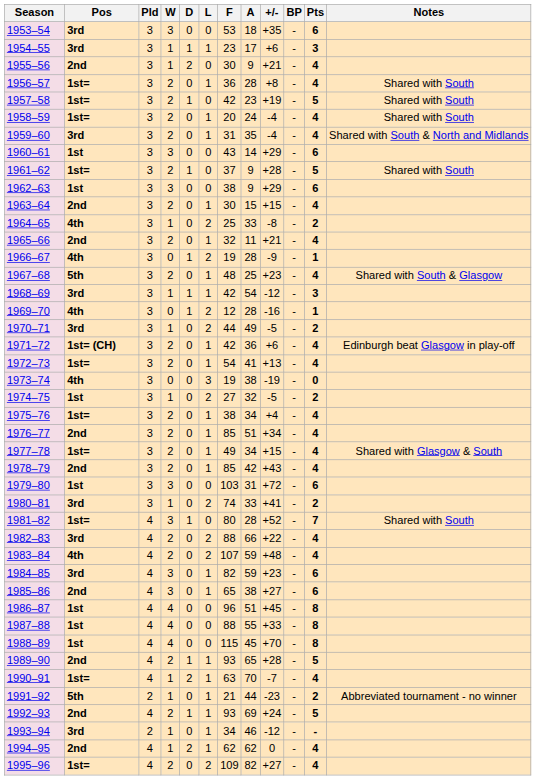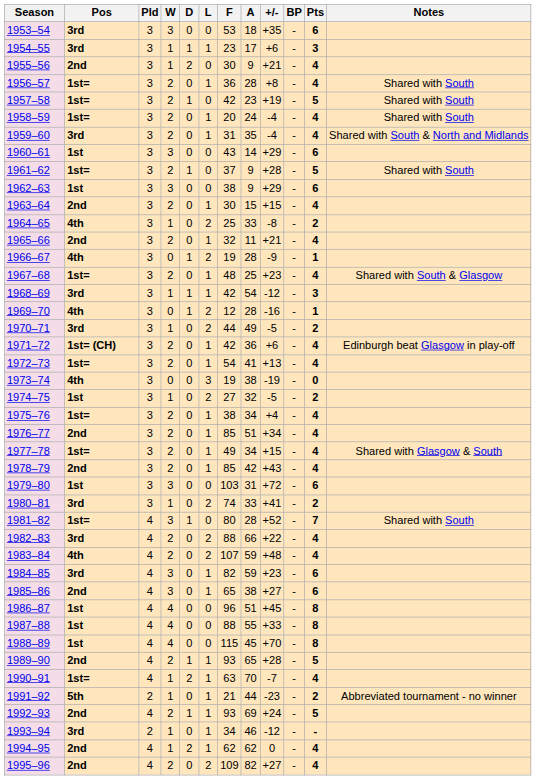 <table class="wikitable">
 <tr border=1 cellpadding=5 cellspacing=0>
 <th style="width:80px;">Season</th>
 <th style="width:100px;">Pos</th>
 <th style="width:20px;">Pld</th>
 <th style="width:20px;">W</th>
 <th style="width:20px;">D</th>
 <th style="width:20px;">L</th>
 <th style="width:20px;">F</th>
 <th style="width:20px;">A</th>
 <th style="width:25px;">+/-</th>
 <th style="width:20px;">BP</th>
 <th style="width:20px;">Pts</th>
 <th>Notes<br></th>
 </tr>
 <tr align=center>
 <td style="text-align:left; background:#F4DDE7;"><a href='#'>1953–54</a></td>
 <td style="text-align:left; background:#ffe6bd;"><strong>3rd</strong></td>
 <td style="background:#ffe6bd;">3</td>
 <td style="background:#ffe6bd;">3</td>
 <td style="background:#ffe6bd;">0</td>
 <td style="background:#ffe6bd;">0</td>
 <td style="background:#ffe6bd;">53</td>
 <td style="background:#ffe6bd;">18</td>
 <td style="background:#ffe6bd;">+35</td>
 <td style="background:#ffe6bd;">-</td>
 <td style="background:#ffe6bd;"><strong>6</strong></td>
 <td style="background:#ffe6bd;"><br> </td>
 </tr>
 <tr align=center>
 <td style="text-align:left; background:#F4DDE7;"><a href='#'>1954–55</a></td>
 <td style="text-align:left; background:#ffe6bd;"><strong>3rd</strong></td>
 <td style="background:#ffe6bd;">3</td>
 <td style="background:#ffe6bd;">1</td>
 <td style="background:#ffe6bd;">1</td>
 <td style="background:#ffe6bd;">1</td>
 <td style="background:#ffe6bd;">23</td>
 <td style="background:#ffe6bd;">17</td>
 <td style="background:#ffe6bd;">+6</td>
 <td style="background:#ffe6bd;">-</td>
 <td style="background:#ffe6bd;"><strong>3</strong></td>
 <td style="background:#ffe6bd;"><br> </td>
 </tr>
 <tr align=center>
 <td style="text-align:left; background:#F4DDE7;"><a href='#'>1955–56</a></td>
 <td style="text-align:left; background:#ffe6bd;"><strong>2nd</strong></td>
 <td style="background:#ffe6bd;">3</td>
 <td style="background:#ffe6bd;">1</td>
 <td style="background:#ffe6bd;">2</td>
 <td style="background:#ffe6bd;">0</td>
 <td style="background:#ffe6bd;">30</td>
 <td style="background:#ffe6bd;">9</td>
 <td style="background:#ffe6bd;">+21</td>
 <td style="background:#ffe6bd;">-</td>
 <td style="background:#ffe6bd;"><strong>4</strong></td>
 <td style="background:#ffe6bd;"><br> </td>
 </tr>
 <tr align=center>
 <td style="text-align:left; background:#F4DDE7;"><a href='#'>1956–57</a></td>
 <td style="text-align:left; background:#ffe6bd;"><strong>1st=</strong></td>
 <td style="background:#ffe6bd;">3</td>
 <td style="background:#ffe6bd;">2</td>
 <td style="background:#ffe6bd;">0</td>
 <td style="background:#ffe6bd;">1</td>
 <td style="background:#ffe6bd;">36</td>
 <td style="background:#ffe6bd;">28</td>
 <td style="background:#ffe6bd;">+8</td>
 <td style="background:#ffe6bd;">-</td>
 <td style="background:#ffe6bd;"><strong>4</strong></td>
 <td style="background:#ffe6bd;">Shared with <a href='#'>South</a><br> </td>
 </tr>
 <tr align=center>
 <td style="text-align:left; background:#F4DDE7;"><a href='#'>1957–58</a></td>
 <td style="text-align:left; background:#ffe6bd;"><strong>1st=</strong></td>
 <td style="background:#ffe6bd;">3</td>
 <td style="background:#ffe6bd;">2</td>
 <td style="background:#ffe6bd;">1</td>
 <td style="background:#ffe6bd;">0</td>
 <td style="background:#ffe6bd;">42</td>
 <td style="background:#ffe6bd;">23</td>
 <td style="background:#ffe6bd;">+19</td>
 <td style="background:#ffe6bd;">-</td>
 <td style="background:#ffe6bd;"><strong>5</strong></td>
 <td style="background:#ffe6bd;">Shared with <a href='#'>South</a><br> </td>
 </tr>
 <tr align=center>
 <td style="text-align:left; background:#F4DDE7;"><a href='#'>1958–59</a></td>
 <td style="text-align:left; background:#ffe6bd;"><strong>1st=</strong></td>
 <td style="background:#ffe6bd;">3</td>
 <td style="background:#ffe6bd;">2</td>
 <td style="background:#ffe6bd;">0</td>
 <td style="background:#ffe6bd;">1</td>
 <td style="background:#ffe6bd;">20</td>
 <td style="background:#ffe6bd;">24</td>
 <td style="background:#ffe6bd;">-4</td>
 <td style="background:#ffe6bd;">-</td>
 <td style="background:#ffe6bd;"><strong>4</strong></td>
 <td style="background:#ffe6bd;">Shared with <a href='#'>South</a><br> </td>
 </tr>
 <tr align=center>
 <td style="text-align:left; background:#F4DDE7;"><a href='#'>1959–60</a></td>
 <td style="text-align:left; background:#ffe6bd;"><strong>3rd</strong></td>
 <td style="background:#ffe6bd;">3</td>
 <td style="background:#ffe6bd;">2</td>
 <td style="background:#ffe6bd;">0</td>
 <td style="background:#ffe6bd;">1</td>
 <td style="background:#ffe6bd;">31</td>
 <td style="background:#ffe6bd;">35</td>
 <td style="background:#ffe6bd;">-4</td>
 <td style="background:#ffe6bd;">-</td>
 <td style="background:#ffe6bd;"><strong>4</strong></td>
 <td style="background:#ffe6bd;">Shared with <a href='#'>South</a> & <a href='#'>North and Midlands</a><br> </td>
 </tr>
 <tr align=center>
 <td style="text-align:left; background:#F4DDE7;"><a href='#'>1960–61</a></td>
 <td style="text-align:left; background:#ffe6bd;"><strong>1st</strong></td>
 <td style="background:#ffe6bd;">3</td>
 <td style="background:#ffe6bd;">3</td>
 <td style="background:#ffe6bd;">0</td>
 <td style="background:#ffe6bd;">0</td>
 <td style="background:#ffe6bd;">43</td>
 <td style="background:#ffe6bd;">14</td>
 <td style="background:#ffe6bd;">+29</td>
 <td style="background:#ffe6bd;">-</td>
 <td style="background:#ffe6bd;"><strong>6</strong></td>
 <td style="background:#ffe6bd;"><br> </td>
 </tr>
 <tr align=center>
 <td style="text-align:left; background:#F4DDE7;"><a href='#'>1961–62</a></td>
 <td style="text-align:left; background:#ffe6bd;"><strong>1st=</strong></td>
 <td style="background:#ffe6bd;">3</td>
 <td style="background:#ffe6bd;">2</td>
 <td style="background:#ffe6bd;">1</td>
 <td style="background:#ffe6bd;">0</td>
 <td style="background:#ffe6bd;">37</td>
 <td style="background:#ffe6bd;">9</td>
 <td style="background:#ffe6bd;">+28</td>
 <td style="background:#ffe6bd;">-</td>
 <td style="background:#ffe6bd;"><strong>5</strong></td>
 <td style="background:#ffe6bd;">Shared with <a href='#'>South</a><br> </td>
 </tr>
 <tr align=center>
 <td style="text-align:left; background:#F4DDE7;"><a href='#'>1962–63</a></td>
 <td style="text-align:left; background:#ffe6bd;"><strong>1st</strong></td>
 <td style="background:#ffe6bd;">3</td>
 <td style="background:#ffe6bd;">3</td>
 <td style="background:#ffe6bd;">0</td>
 <td style="background:#ffe6bd;">0</td>
 <td style="background:#ffe6bd;">38</td>
 <td style="background:#ffe6bd;">9</td>
 <td style="background:#ffe6bd;">+29</td>
 <td style="background:#ffe6bd;">-</td>
 <td style="background:#ffe6bd;"><strong>6</strong></td>
 <td style="background:#ffe6bd;"><br> </td>
 </tr>
 <tr align=center>
 <td style="text-align:left; background:#F4DDE7;"><a href='#'>1963–64</a></td>
 <td style="text-align:left; background:#ffe6bd;"><strong>2nd</strong></td>
 <td style="background:#ffe6bd;">3</td>
 <td style="background:#ffe6bd;">2</td>
 <td style="background:#ffe6bd;">0</td>
 <td style="background:#ffe6bd;">1</td>
 <td style="background:#ffe6bd;">30</td>
 <td style="background:#ffe6bd;">15</td>
 <td style="background:#ffe6bd;">+15</td>
 <td style="background:#ffe6bd;">-</td>
 <td style="background:#ffe6bd;"><strong>4</strong></td>
 <td style="background:#ffe6bd;"><br> </td>
 </tr>
 <tr align=center>
 <td style="text-align:left; background:#F4DDE7;"><a href='#'>1964–65</a></td>
 <td style="text-align:left; background:#ffe6bd;"><strong>4th</strong></td>
 <td style="background:#ffe6bd;">3</td>
 <td style="background:#ffe6bd;">1</td>
 <td style="background:#ffe6bd;">0</td>
 <td style="background:#ffe6bd;">2</td>
 <td style="background:#ffe6bd;">25</td>
 <td style="background:#ffe6bd;">33</td>
 <td style="background:#ffe6bd;">-8</td>
 <td style="background:#ffe6bd;">-</td>
 <td style="background:#ffe6bd;"><strong>2</strong></td>
 <td style="background:#ffe6bd;"><br> </td>
 </tr>
 <tr align=center>
 <td style="text-align:left; background:#F4DDE7;"><a href='#'>1965–66</a></td>
 <td style="text-align:left; background:#ffe6bd;"><strong>2nd</strong></td>
 <td style="background:#ffe6bd;">3</td>
 <td style="background:#ffe6bd;">2</td>
 <td style="background:#ffe6bd;">0</td>
 <td style="background:#ffe6bd;">1</td>
 <td style="background:#ffe6bd;">32</td>
 <td style="background:#ffe6bd;">11</td>
 <td style="background:#ffe6bd;">+21</td>
 <td style="background:#ffe6bd;">-</td>
 <td style="background:#ffe6bd;"><strong>4</strong></td>
 <td style="background:#ffe6bd;"><br> </td>
 </tr>
 <tr align=center>
 <td style="text-align:left; background:#F4DDE7;"><a href='#'>1966–67</a></td>
 <td style="text-align:left; background:#ffe6bd;"><strong>4th</strong></td>
 <td style="background:#ffe6bd;">3</td>
 <td style="background:#ffe6bd;">0</td>
 <td style="background:#ffe6bd;">1</td>
 <td style="background:#ffe6bd;">2</td>
 <td style="background:#ffe6bd;">19</td>
 <td style="background:#ffe6bd;">28</td>
 <td style="background:#ffe6bd;">-9</td>
 <td style="background:#ffe6bd;">-</td>
 <td style="background:#ffe6bd;"><strong>1</strong></td>
 <td style="background:#ffe6bd;"><br> </td>
 </tr>
 <tr align=center>
 <td style="text-align:left; background:#F4DDE7;"><a href='#'>1967–68</a></td>
-<td style="text-align:left; background:#ffe6bd;"><strong>5th</strong></td>
+<td style="text-align:left; background:#ffe6bd;"><strong>1st=</strong></td>
 <td style="background:#ffe6bd;">3</td>
 <td style="background:#ffe6bd;">2</td>
 <td style="background:#ffe6bd;">0</td>
 <td style="background:#ffe6bd;">1</td>
 <td style="background:#ffe6bd;">48</td>
 <td style="background:#ffe6bd;">25</td>
 <td style="background:#ffe6bd;">+23</td>
 <td style="background:#ffe6bd;">-</td>
 <td style="background:#ffe6bd;"><strong>4</strong></td>
 <td style="background:#ffe6bd;">Shared with <a href='#'>South</a> & <a href='#'>Glasgow</a><br> </td>
 </tr>
 <tr align=center>
 <td style="text-align:left; background:#F4DDE7;"><a href='#'>1968–69</a></td>
 <td style="text-align:left; background:#ffe6bd;"><strong>3rd</strong></td>
 <td style="background:#ffe6bd;">3</td>
 <td style="background:#ffe6bd;">1</td>
 <td style="background:#ffe6bd;">1</td>
 <td style="background:#ffe6bd;">1</td>
 <td style="background:#ffe6bd;">42</td>
 <td style="background:#ffe6bd;">54</td>
 <td style="background:#ffe6bd;">-12</td>
 <td style="background:#ffe6bd;">-</td>
 <td style="background:#ffe6bd;"><strong>3</strong></td>
 <td style="background:#ffe6bd;"><br> </td>
 </tr>
 <tr align=center>
 <td style="text-align:left; background:#F4DDE7;"><a href='#'>1969–70</a></td>
 <td style="text-align:left; background:#ffe6bd;"><strong>4th</strong></td>
 <td style="background:#ffe6bd;">3</td>
 <td style="background:#ffe6bd;">0</td>
 <td style="background:#ffe6bd;">1</td>
 <td style="background:#ffe6bd;">2</td>
 <td style="background:#ffe6bd;">12</td>
 <td style="background:#ffe6bd;">28</td>
 <td style="background:#ffe6bd;">-16</td>
 <td style="background:#ffe6bd;">-</td>
 <td style="background:#ffe6bd;"><strong>1</strong></td>
 <td style="background:#ffe6bd;"><br> </td>
 </tr>
 <tr align=center>
 <td style="text-align:left; background:#F4DDE7;"><a href='#'>1970–71</a></td>
 <td style="text-align:left; background:#ffe6bd;"><strong>3rd</strong></td>
 <td style="background:#ffe6bd;">3</td>
 <td style="background:#ffe6bd;">1</td>
 <td style="background:#ffe6bd;">0</td>
 <td style="background:#ffe6bd;">2</td>
 <td style="background:#ffe6bd;">44</td>
 <td style="background:#ffe6bd;">49</td>
 <td style="background:#ffe6bd;">-5</td>
 <td style="background:#ffe6bd;">-</td>
 <td style="background:#ffe6bd;"><strong>2</strong></td>
 <td style="background:#ffe6bd;"><br> </td>
 </tr>
 <tr align=center>
 <td style="text-align:left; background:#F4DDE7;"><a href='#'>1971–72</a></td>
 <td style="text-align:left; background:#ffe6bd;"><strong>1st= (CH)</strong></td>
 <td style="background:#ffe6bd;">3</td>
 <td style="background:#ffe6bd;">2</td>
 <td style="background:#ffe6bd;">0</td>
 <td style="background:#ffe6bd;">1</td>
 <td style="background:#ffe6bd;">42</td>
 <td style="background:#ffe6bd;">36</td>
 <td style="background:#ffe6bd;">+6</td>
 <td style="background:#ffe6bd;">-</td>
 <td style="background:#ffe6bd;"><strong>4</strong></td>
 <td style="background:#ffe6bd;">Edinburgh beat <a href='#'>Glasgow</a> in play-off<br> </td>
 </tr>
 <tr align=center>
 <td style="text-align:left; background:#F4DDE7;"><a href='#'>1972–73</a></td>
 <td style="text-align:left; background:#ffe6bd;"><strong>1st=</strong></td>
 <td style="background:#ffe6bd;">3</td>
 <td style="background:#ffe6bd;">2</td>
 <td style="background:#ffe6bd;">0</td>
 <td style="background:#ffe6bd;">1</td>
 <td style="background:#ffe6bd;">54</td>
 <td style="background:#ffe6bd;">41</td>
 <td style="background:#ffe6bd;">+13</td>
 <td style="background:#ffe6bd;">-</td>
 <td style="background:#ffe6bd;"><strong>4</strong></td>
 <td style="background:#ffe6bd;"><br> </td>
 </tr>
 <tr align=center>
 <td style="text-align:left; background:#F4DDE7;"><a href='#'>1973–74</a></td>
 <td style="text-align:left; background:#ffe6bd;"><strong>4th</strong></td>
 <td style="background:#ffe6bd;">3</td>
 <td style="background:#ffe6bd;">0</td>
 <td style="background:#ffe6bd;">0</td>
 <td style="background:#ffe6bd;">3</td>
 <td style="background:#ffe6bd;">19</td>
 <td style="background:#ffe6bd;">38</td>
 <td style="background:#ffe6bd;">-19</td>
 <td style="background:#ffe6bd;">-</td>
 <td style="background:#ffe6bd;"><strong>0</strong></td>
 <td style="background:#ffe6bd;"><br> </td>
 </tr>
 <tr align=center>
 <td style="text-align:left; background:#F4DDE7;"><a href='#'>1974–75</a></td>
 <td style="text-align:left; background:#ffe6bd;"><strong>1st</strong></td>
 <td style="background:#ffe6bd;">3</td>
 <td style="background:#ffe6bd;">1</td>
 <td style="background:#ffe6bd;">0</td>
 <td style="background:#ffe6bd;">2</td>
 <td style="background:#ffe6bd;">27</td>
 <td style="background:#ffe6bd;">32</td>
 <td style="background:#ffe6bd;">-5</td>
 <td style="background:#ffe6bd;">-</td>
 <td style="background:#ffe6bd;"><strong>2</strong></td>
 <td style="background:#ffe6bd;"><br> </td>
 </tr>
 <tr align=center>
 <td style="text-align:left; background:#F4DDE7;"><a href='#'>1975–76</a></td>
 <td style="text-align:left; background:#ffe6bd;"><strong>1st=</strong></td>
 <td style="background:#ffe6bd;">3</td>
 <td style="background:#ffe6bd;">2</td>
 <td style="background:#ffe6bd;">0</td>
 <td style="background:#ffe6bd;">1</td>
 <td style="background:#ffe6bd;">38</td>
 <td style="background:#ffe6bd;">34</td>
 <td style="background:#ffe6bd;">+4</td>
 <td style="background:#ffe6bd;">-</td>
 <td style="background:#ffe6bd;"><strong>4</strong></td>
 <td style="background:#ffe6bd;"><br> </td>
 </tr>
 <tr align=center>
 <td style="text-align:left; background:#F4DDE7;"><a href='#'>1976–77</a></td>
 <td style="text-align:left; background:#ffe6bd;"><strong>2nd</strong></td>
 <td style="background:#ffe6bd;">3</td>
 <td style="background:#ffe6bd;">2</td>
 <td style="background:#ffe6bd;">0</td>
 <td style="background:#ffe6bd;">1</td>
 <td style="background:#ffe6bd;">85</td>
 <td style="background:#ffe6bd;">51</td>
 <td style="background:#ffe6bd;">+34</td>
 <td style="background:#ffe6bd;">-</td>
 <td style="background:#ffe6bd;"><strong>4</strong></td>
 <td style="background:#ffe6bd;"><br> </td>
 </tr>
 <tr align=center>
 <td style="text-align:left; background:#F4DDE7;"><a href='#'>1977–78</a></td>
 <td style="text-align:left; background:#ffe6bd;"><strong>1st=</strong></td>
 <td style="background:#ffe6bd;">3</td>
 <td style="background:#ffe6bd;">2</td>
 <td style="background:#ffe6bd;">0</td>
 <td style="background:#ffe6bd;">1</td>
 <td style="background:#ffe6bd;">49</td>
 <td style="background:#ffe6bd;">34</td>
 <td style="background:#ffe6bd;">+15</td>
 <td style="background:#ffe6bd;">-</td>
 <td style="background:#ffe6bd;"><strong>4</strong></td>
 <td style="background:#ffe6bd;">Shared with <a href='#'>Glasgow</a> & <a href='#'>South</a><br> </td>
 </tr>
 <tr align=center>
 <td style="text-align:left; background:#F4DDE7;"><a href='#'>1978–79</a></td>
 <td style="text-align:left; background:#ffe6bd;"><strong>2nd</strong></td>
 <td style="background:#ffe6bd;">3</td>
 <td style="background:#ffe6bd;">2</td>
 <td style="background:#ffe6bd;">0</td>
 <td style="background:#ffe6bd;">1</td>
 <td style="background:#ffe6bd;">85</td>
 <td style="background:#ffe6bd;">42</td>
 <td style="background:#ffe6bd;">+43</td>
 <td style="background:#ffe6bd;">-</td>
 <td style="background:#ffe6bd;"><strong>4</strong></td>
 <td style="background:#ffe6bd;"><br> </td>
 </tr>
 <tr align=center>
 <td style="text-align:left; background:#F4DDE7;"><a href='#'>1979–80</a></td>
 <td style="text-align:left; background:#ffe6bd;"><strong>1st</strong></td>
 <td style="background:#ffe6bd;">3</td>
 <td style="background:#ffe6bd;">3</td>
 <td style="background:#ffe6bd;">0</td>
 <td style="background:#ffe6bd;">0</td>
 <td style="background:#ffe6bd;">103</td>
 <td style="background:#ffe6bd;">31</td>
 <td style="background:#ffe6bd;">+72</td>
 <td style="background:#ffe6bd;">-</td>
 <td style="background:#ffe6bd;"><strong>6</strong></td>
 <td style="background:#ffe6bd;"><br> </td>
 </tr>
 <tr align=center>
 <td style="text-align:left; background:#F4DDE7;"><a href='#'>1980–81</a></td>
 <td style="text-align:left; background:#ffe6bd;"><strong>3rd</strong></td>
 <td style="background:#ffe6bd;">3</td>
 <td style="background:#ffe6bd;">1</td>
 <td style="background:#ffe6bd;">0</td>
 <td style="background:#ffe6bd;">2</td>
 <td style="background:#ffe6bd;">74</td>
 <td style="background:#ffe6bd;">33</td>
 <td style="background:#ffe6bd;">+41</td>
 <td style="background:#ffe6bd;">-</td>
 <td style="background:#ffe6bd;"><strong>2</strong></td>
 <td style="background:#ffe6bd;"><br> </td>
 </tr>
 <tr align=center>
 <td style="text-align:left; background:#F4DDE7;"><a href='#'>1981–82</a></td>
 <td style="text-align:left; background:#ffe6bd;"><strong>1st=</strong></td>
 <td style="background:#ffe6bd;">4</td>
 <td style="background:#ffe6bd;">3</td>
 <td style="background:#ffe6bd;">1</td>
 <td style="background:#ffe6bd;">0</td>
 <td style="background:#ffe6bd;">80</td>
 <td style="background:#ffe6bd;">28</td>
 <td style="background:#ffe6bd;">+52</td>
 <td style="background:#ffe6bd;">-</td>
 <td style="background:#ffe6bd;"><strong>7</strong></td>
 <td style="background:#ffe6bd;">Shared with <a href='#'>South</a><br> </td>
 </tr>
 <tr align=center>
 <td style="text-align:left; background:#F4DDE7;"><a href='#'>1982–83</a></td>
 <td style="text-align:left; background:#ffe6bd;"><strong>3rd</strong></td>
 <td style="background:#ffe6bd;">4</td>
 <td style="background:#ffe6bd;">2</td>
 <td style="background:#ffe6bd;">0</td>
 <td style="background:#ffe6bd;">2</td>
 <td style="background:#ffe6bd;">88</td>
 <td style="background:#ffe6bd;">66</td>
 <td style="background:#ffe6bd;">+22</td>
 <td style="background:#ffe6bd;">-</td>
 <td style="background:#ffe6bd;"><strong>4</strong></td>
 <td style="background:#ffe6bd;"><br> </td>
 </tr>
 <tr align=center>
 <td style="text-align:left; background:#F4DDE7;"><a href='#'>1983–84</a></td>
 <td style="text-align:left; background:#ffe6bd;"><strong>4th</strong></td>
 <td style="background:#ffe6bd;">4</td>
 <td style="background:#ffe6bd;">2</td>
 <td style="background:#ffe6bd;">0</td>
 <td style="background:#ffe6bd;">2</td>
 <td style="background:#ffe6bd;">107</td>
 <td style="background:#ffe6bd;">59</td>
 <td style="background:#ffe6bd;">+48</td>
 <td style="background:#ffe6bd;">-</td>
 <td style="background:#ffe6bd;"><strong>4</strong></td>
 <td style="background:#ffe6bd;"><br> </td>
 </tr>
 <tr align=center>
 <td style="text-align:left; background:#F4DDE7;"><a href='#'>1984–85</a></td>
 <td style="text-align:left; background:#ffe6bd;"><strong>3rd</strong></td>
 <td style="background:#ffe6bd;">4</td>
 <td style="background:#ffe6bd;">3</td>
 <td style="background:#ffe6bd;">0</td>
 <td style="background:#ffe6bd;">1</td>
 <td style="background:#ffe6bd;">82</td>
 <td style="background:#ffe6bd;">59</td>
 <td style="background:#ffe6bd;">+23</td>
 <td style="background:#ffe6bd;">-</td>
 <td style="background:#ffe6bd;"><strong>6</strong></td>
 <td style="background:#ffe6bd;"><br> </td>
 </tr>
 <tr align=center>
 <td style="text-align:left; background:#F4DDE7;"><a href='#'>1985–86</a></td>
 <td style="text-align:left; background:#ffe6bd;"><strong>2nd</strong></td>
 <td style="background:#ffe6bd;">4</td>
 <td style="background:#ffe6bd;">3</td>
 <td style="background:#ffe6bd;">0</td>
 <td style="background:#ffe6bd;">1</td>
 <td style="background:#ffe6bd;">65</td>
 <td style="background:#ffe6bd;">38</td>
 <td style="background:#ffe6bd;">+27</td>
 <td style="background:#ffe6bd;">-</td>
 <td style="background:#ffe6bd;"><strong>6</strong></td>
 <td style="background:#ffe6bd;"><br> </td>
 </tr>
 <tr align=center>
 <td style="text-align:left; background:#F4DDE7;"><a href='#'>1986–87</a></td>
 <td style="text-align:left; background:#ffe6bd;"><strong>1st</strong></td>
 <td style="background:#ffe6bd;">4</td>
 <td style="background:#ffe6bd;">4</td>
 <td style="background:#ffe6bd;">0</td>
 <td style="background:#ffe6bd;">0</td>
 <td style="background:#ffe6bd;">96</td>
 <td style="background:#ffe6bd;">51</td>
 <td style="background:#ffe6bd;">+45</td>
 <td style="background:#ffe6bd;">-</td>
 <td style="background:#ffe6bd;"><strong>8</strong></td>
 <td style="background:#ffe6bd;"><br> </td>
 </tr>
 <tr align=center>
 <td style="text-align:left; background:#F4DDE7;"><a href='#'>1987–88</a></td>
 <td style="text-align:left; background:#ffe6bd;"><strong>1st</strong></td>
 <td style="background:#ffe6bd;">4</td>
 <td style="background:#ffe6bd;">4</td>
 <td style="background:#ffe6bd;">0</td>
 <td style="background:#ffe6bd;">0</td>
 <td style="background:#ffe6bd;">88</td>
 <td style="background:#ffe6bd;">55</td>
 <td style="background:#ffe6bd;">+33</td>
 <td style="background:#ffe6bd;">-</td>
 <td style="background:#ffe6bd;"><strong>8</strong></td>
 <td style="background:#ffe6bd;"><br> </td>
 </tr>
 <tr align=center>
 <td style="text-align:left; background:#F4DDE7;"><a href='#'>1988–89</a></td>
 <td style="text-align:left; background:#ffe6bd;"><strong>1st</strong></td>
 <td style="background:#ffe6bd;">4</td>
 <td style="background:#ffe6bd;">4</td>
 <td style="background:#ffe6bd;">0</td>
 <td style="background:#ffe6bd;">0</td>
 <td style="background:#ffe6bd;">115</td>
 <td style="background:#ffe6bd;">45</td>
 <td style="background:#ffe6bd;">+70</td>
 <td style="background:#ffe6bd;">-</td>
 <td style="background:#ffe6bd;"><strong>8</strong></td>
 <td style="background:#ffe6bd;"><br> </td>
 </tr>
 <tr align=center>
 <td style="text-align:left; background:#F4DDE7;"><a href='#'>1989–90</a></td>
 <td style="text-align:left; background:#ffe6bd;"><strong>2nd</strong></td>
 <td style="background:#ffe6bd;">4</td>
 <td style="background:#ffe6bd;">2</td>
 <td style="background:#ffe6bd;">1</td>
 <td style="background:#ffe6bd;">1</td>
 <td style="background:#ffe6bd;">93</td>
 <td style="background:#ffe6bd;">65</td>
 <td style="background:#ffe6bd;">+28</td>
 <td style="background:#ffe6bd;">-</td>
 <td style="background:#ffe6bd;"><strong>5</strong></td>
 <td style="background:#ffe6bd;"><br> </td>
 </tr>
 <tr align=center>
 <td style="text-align:left; background:#F4DDE7;"><a href='#'>1990–91</a></td>
 <td style="text-align:left; background:#ffe6bd;"><strong>1st=</strong></td>
 <td style="background:#ffe6bd;">4</td>
 <td style="background:#ffe6bd;">1</td>
 <td style="background:#ffe6bd;">2</td>
 <td style="background:#ffe6bd;">1</td>
 <td style="background:#ffe6bd;">63</td>
 <td style="background:#ffe6bd;">70</td>
 <td style="background:#ffe6bd;">-7</td>
 <td style="background:#ffe6bd;">-</td>
 <td style="background:#ffe6bd;"><strong>4</strong></td>
 <td style="background:#ffe6bd;"><br> </td>
 </tr>
 <tr align=center>
 <td style="text-align:left; background:#F4DDE7;"><a href='#'>1991–92</a></td>
 <td style="text-align:left; background:#ffe6bd;"><strong>5th</strong></td>
 <td style="background:#ffe6bd;">2</td>
 <td style="background:#ffe6bd;">1</td>
 <td style="background:#ffe6bd;">0</td>
 <td style="background:#ffe6bd;">1</td>
 <td style="background:#ffe6bd;">21</td>
 <td style="background:#ffe6bd;">44</td>
 <td style="background:#ffe6bd;">-23</td>
 <td style="background:#ffe6bd;">-</td>
 <td style="background:#ffe6bd;"><strong>2</strong></td>
 <td style="background:#ffe6bd;">Abbreviated tournament - no winner<br> </td>
 </tr>
 <tr align=center>
 <td style="text-align:left; background:#F4DDE7;"><a href='#'>1992–93</a></td>
 <td style="text-align:left; background:#ffe6bd;"><strong>2nd</strong></td>
 <td style="background:#ffe6bd;">4</td>
 <td style="background:#ffe6bd;">2</td>
 <td style="background:#ffe6bd;">1</td>
 <td style="background:#ffe6bd;">1</td>
 <td style="background:#ffe6bd;">93</td>
 <td style="background:#ffe6bd;">69</td>
 <td style="background:#ffe6bd;">+24</td>
 <td style="background:#ffe6bd;">-</td>
 <td style="background:#ffe6bd;"><strong>5</strong></td>
 <td style="background:#ffe6bd;"><br> </td>
 </tr>
 <tr align=center>
 <td style="text-align:left; background:#F4DDE7;"><a href='#'>1993–94</a></td>
 <td style="text-align:left; background:#ffe6bd;"><strong>3rd</strong></td>
 <td style="background:#ffe6bd;">2</td>
 <td style="background:#ffe6bd;">1</td>
 <td style="background:#ffe6bd;">0</td>
 <td style="background:#ffe6bd;">1</td>
 <td style="background:#ffe6bd;">34</td>
 <td style="background:#ffe6bd;">46</td>
 <td style="background:#ffe6bd;">-12</td>
 <td style="background:#ffe6bd;">-</td>
 <td style="background:#ffe6bd;"><strong>-</strong></td>
 <td style="background:#ffe6bd;"><br> </td>
 </tr>
 <tr align=center>
 <td style="text-align:left; background:#F4DDE7;"><a href='#'>1994–95</a></td>
 <td style="text-align:left; background:#ffe6bd;"><strong>2nd</strong></td>
 <td style="background:#ffe6bd;">4</td>
 <td style="background:#ffe6bd;">1</td>
 <td style="background:#ffe6bd;">2</td>
 <td style="background:#ffe6bd;">1</td>
 <td style="background:#ffe6bd;">62</td>
 <td style="background:#ffe6bd;">62</td>
 <td style="background:#ffe6bd;">0</td>
 <td style="background:#ffe6bd;">-</td>
 <td style="background:#ffe6bd;"><strong>4</strong></td>
 <td style="background:#ffe6bd;"><br> </td>
 </tr>
 <tr align=center>
 <td style="text-align:left; background:#F4DDE7;"><a href='#'>1995–96</a></td>
-<td style="text-align:left; background:#ffe6bd;"><strong>1st=</strong></td>
+<td style="text-align:left; background:#ffe6bd;"><strong>2nd</strong></td>
 <td style="background:#ffe6bd;">4</td>
 <td style="background:#ffe6bd;">2</td>
 <td style="background:#ffe6bd;">0</td>
 <td style="background:#ffe6bd;">2</td>
 <td style="background:#ffe6bd;">109</td>
 <td style="background:#ffe6bd;">82</td>
 <td style="background:#ffe6bd;">+27</td>
 <td style="background:#ffe6bd;">-</td>
 <td style="background:#ffe6bd;"><strong>4</strong></td>
 <td style="background:#ffe6bd;"><br></td>
 </tr>
 </table>
